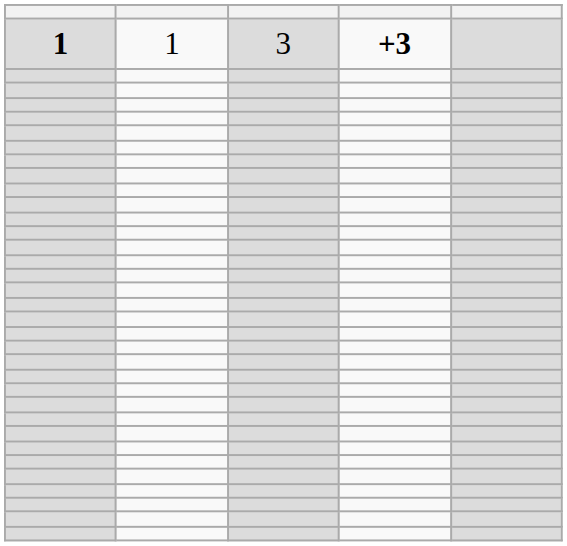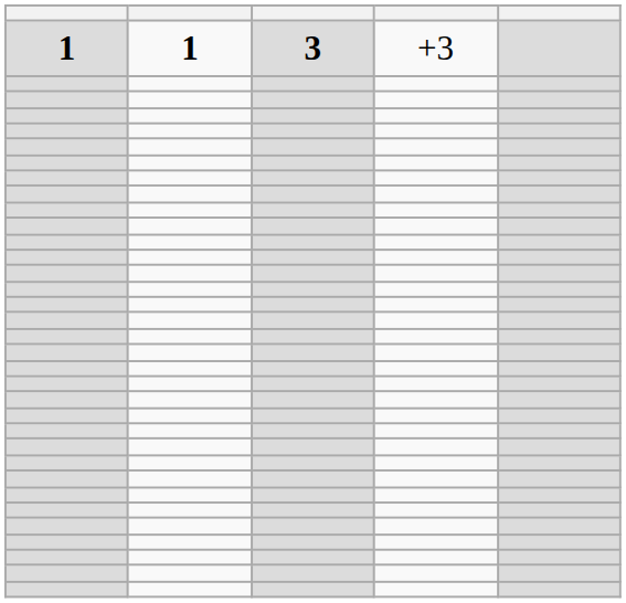 <table class="wikitable" Style="text-align: center">
 <tr>
 <th style="width:50px"></th>
 <th style="width:50px"></th>
 <th style="width:50px"></th>
 <th style="width:50px"></th>
 <th style="width:50px"></th>
 </tr>
 <tr>
 <td style="background:#dcdcdc"><strong>1</strong></td>
-<td>1</td>
-<td style="background:#dcdcdc">3</td>
-<td><strong>+3</strong></td>
+<td><strong>1</strong></td>
+<td style="background:#dcdcdc"><strong>3</strong></td>
+<td>+3</td>
 <td style="background:#dcdcdc"></td>
 </tr>
 <tr>
 <td style="background:#dcdcdc"></td>
 <td></td>
 <td style="background:#dcdcdc"></td>
 <td></td>
 <td style="background:#dcdcdc"></td>
 </tr>
 <tr>
 <td style="background:#dcdcdc"></td>
 <td></td>
 <td style="background:#dcdcdc"></td>
 <td></td>
 <td style="background:#dcdcdc"></td>
 </tr>
 <tr>
 <td style="background:#dcdcdc"></td>
 <td></td>
 <td style="background:#dcdcdc"></td>
 <td></td>
 <td style="background:#dcdcdc"></td>
 </tr>
 <tr>
 <td style="background:#dcdcdc"></td>
 <td></td>
 <td style="background:#dcdcdc"></td>
 <td></td>
 <td style="background:#dcdcdc"></td>
 </tr>
 <tr>
 <td style="background:#dcdcdc"></td>
 <td></td>
 <td style="background:#dcdcdc"></td>
 <td></td>
 <td style="background:#dcdcdc"></td>
 </tr>
 <tr>
 <td style="background:#dcdcdc"></td>
 <td></td>
 <td style="background:#dcdcdc"></td>
 <td></td>
 <td style="background:#dcdcdc"></td>
 </tr>
 <tr>
 <td style="background:#dcdcdc"></td>
 <td></td>
 <td style="background:#dcdcdc"></td>
 <td></td>
 <td style="background:#dcdcdc"></td>
 </tr>
 <tr>
 <td style="background:#dcdcdc"></td>
 <td></td>
 <td style="background:#dcdcdc"></td>
 <td></td>
 <td style="background:#dcdcdc"></td>
 </tr>
 <tr>
 <td style="background:#dcdcdc"></td>
 <td></td>
 <td style="background:#dcdcdc"></td>
 <td></td>
 <td style="background:#dcdcdc"></td>
 </tr>
 <tr>
 <td style="background:#dcdcdc"></td>
 <td></td>
 <td style="background:#dcdcdc"></td>
 <td></td>
 <td style="background:#dcdcdc"></td>
 </tr>
 <tr>
 <td style="background:#dcdcdc"></td>
 <td></td>
 <td style="background:#dcdcdc"></td>
 <td></td>
 <td style="background:#dcdcdc"></td>
 </tr>
 <tr>
 <td style="background:#dcdcdc"></td>
 <td></td>
 <td style="background:#dcdcdc"></td>
 <td></td>
 <td style="background:#dcdcdc"></td>
 </tr>
 <tr>
 <td style="background:#dcdcdc"></td>
 <td></td>
 <td style="background:#dcdcdc"></td>
 <td></td>
 <td style="background:#dcdcdc"></td>
 </tr>
 <tr>
 <td style="background:#dcdcdc"></td>
 <td></td>
 <td style="background:#dcdcdc"></td>
 <td></td>
 <td style="background:#dcdcdc"></td>
 </tr>
 <tr>
 <td style="background:#dcdcdc"></td>
 <td></td>
 <td style="background:#dcdcdc"></td>
 <td></td>
 <td style="background:#dcdcdc"></td>
 </tr>
 <tr>
 <td style="background:#dcdcdc"></td>
 <td></td>
 <td style="background:#dcdcdc"></td>
 <td></td>
 <td style="background:#dcdcdc"></td>
 </tr>
 <tr>
 <td style="background:#dcdcdc"></td>
 <td></td>
 <td style="background:#dcdcdc"></td>
 <td></td>
 <td style="background:#dcdcdc"></td>
 </tr>
 <tr>
 <td style="background:#dcdcdc"></td>
 <td></td>
 <td style="background:#dcdcdc"></td>
 <td></td>
 <td style="background:#dcdcdc"></td>
 </tr>
 <tr>
 <td style="background:#dcdcdc"></td>
 <td></td>
 <td style="background:#dcdcdc"></td>
 <td></td>
 <td style="background:#dcdcdc"></td>
 </tr>
 <tr>
 <td style="background:#dcdcdc"></td>
 <td></td>
 <td style="background:#dcdcdc"></td>
 <td></td>
 <td style="background:#dcdcdc"></td>
 </tr>
 <tr>
 <td style="background:#dcdcdc"></td>
 <td></td>
 <td style="background:#dcdcdc"></td>
 <td></td>
 <td style="background:#dcdcdc"></td>
 </tr>
 <tr>
 <td style="background:#dcdcdc"></td>
 <td></td>
 <td style="background:#dcdcdc"></td>
 <td></td>
 <td style="background:#dcdcdc"></td>
 </tr>
 <tr>
 <td style="background:#dcdcdc"></td>
 <td></td>
 <td style="background:#dcdcdc"></td>
 <td></td>
 <td style="background:#dcdcdc"></td>
 </tr>
 <tr>
 <td style="background:#dcdcdc"></td>
 <td></td>
 <td style="background:#dcdcdc"></td>
 <td></td>
 <td style="background:#dcdcdc"></td>
 </tr>
 <tr>
 <td style="background:#dcdcdc"></td>
 <td></td>
 <td style="background:#dcdcdc"></td>
 <td></td>
 <td style="background:#dcdcdc"></td>
 </tr>
 <tr>
 <td style="background:#dcdcdc"></td>
 <td></td>
 <td style="background:#dcdcdc"></td>
 <td></td>
 <td style="background:#dcdcdc"></td>
 </tr>
 <tr>
 <td style="background:#dcdcdc"></td>
 <td></td>
 <td style="background:#dcdcdc"></td>
 <td></td>
 <td style="background:#dcdcdc"></td>
 </tr>
 <tr>
 <td style="background:#dcdcdc"></td>
 <td></td>
 <td style="background:#dcdcdc"></td>
 <td></td>
 <td style="background:#dcdcdc"></td>
 </tr>
 <tr>
 <td style="background:#dcdcdc"></td>
 <td></td>
 <td style="background:#dcdcdc"></td>
 <td></td>
 <td style="background:#dcdcdc"></td>
 </tr>
 <tr>
 <td style="background:#dcdcdc"></td>
 <td></td>
 <td style="background:#dcdcdc"></td>
 <td></td>
 <td style="background:#dcdcdc"></td>
 </tr>
 <tr>
 <td style="background:#dcdcdc"></td>
 <td></td>
 <td style="background:#dcdcdc"></td>
 <td></td>
 <td style="background:#dcdcdc"></td>
 </tr>
 <tr>
 <td style="background:#dcdcdc"></td>
 <td></td>
 <td style="background:#dcdcdc"></td>
 <td></td>
 <td style="background:#dcdcdc"></td>
 </tr>
 <tr>
 <td style="background:#dcdcdc"></td>
 <td></td>
 <td style="background:#dcdcdc"></td>
 <td></td>
 <td style="background:#dcdcdc"></td>
 </tr>
 </table>
